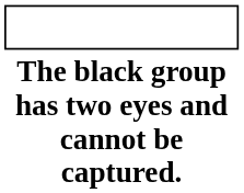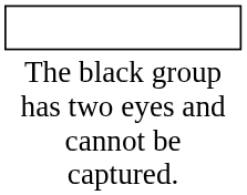 <table style="margin:1em;width: 130px; float:right;">
 <tr>
 <td style="border: solid thin; padding: 2px;"><br></td>
 </tr>
 <tr>
-<td style="text-align:center"><strong>The black group has two eyes and cannot be captured.</strong></td>
+<td style="text-align:center">The black group has two eyes and cannot be captured.</td>
 </tr>
 </table>
